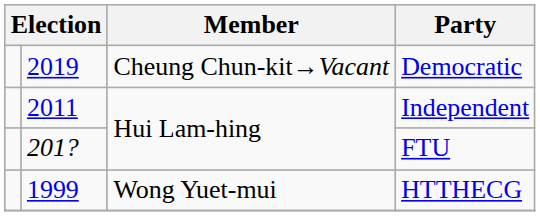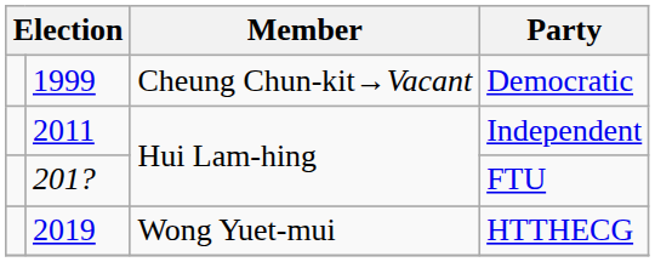 <table class="wikitable">
 <tr>
 <th colspan="2">Election</th>
 <th>Member</th>
 <th>Party</th>
 </tr>
 <tr>
 <td style="background-color: "></td>
-<td><a href='#'>2019</a></td>
+<td><a href='#'>1999</a></td>
 <td>Cheung Chun-kit→<em>Vacant</em></td>
 <td><a href='#'>Democratic</a></td>
 </tr>
 <tr>
 <td style="background-color: "></td>
 <td><a href='#'>2011</a></td>
 <td rowspan=2>Hui Lam-hing</td>
 <td><a href='#'>Independent</a></td>
 </tr>
 <tr>
 <td style="background-color: "></td>
 <td><em>201?</em></td>
 <td><a href='#'>FTU</a></td>
 </tr>
 <tr>
 <td style="background-color: "></td>
-<td><a href='#'>1999</a></td>
+<td><a href='#'>2019</a></td>
 <td>Wong Yuet-mui</td>
 <td><a href='#'>HTTHECG</a></td>
 </tr>
 <tr>
 </tr>
 </table>
